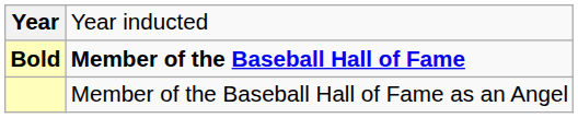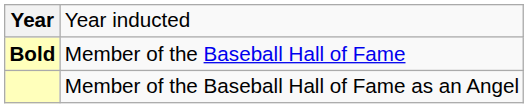 <table class="wikitable">
 <tr>
 <th scope="row">Year</th>
 <td>Year inducted</td>
 </tr>
 <tr>
 <th scope="row" style="background:#ffb;"><strong>Bold</strong></th>
-<td><strong>Member of the <a href='#'>Baseball Hall of Fame</a></strong></td>
+<td>Member of the <a href='#'>Baseball Hall of Fame</a></td>
 </tr>
 <tr>
 <th scope="row" style="background:#ffb;"></th>
 <td>Member of the Baseball Hall of Fame as an Angel</td>
 </tr>
 </table>
